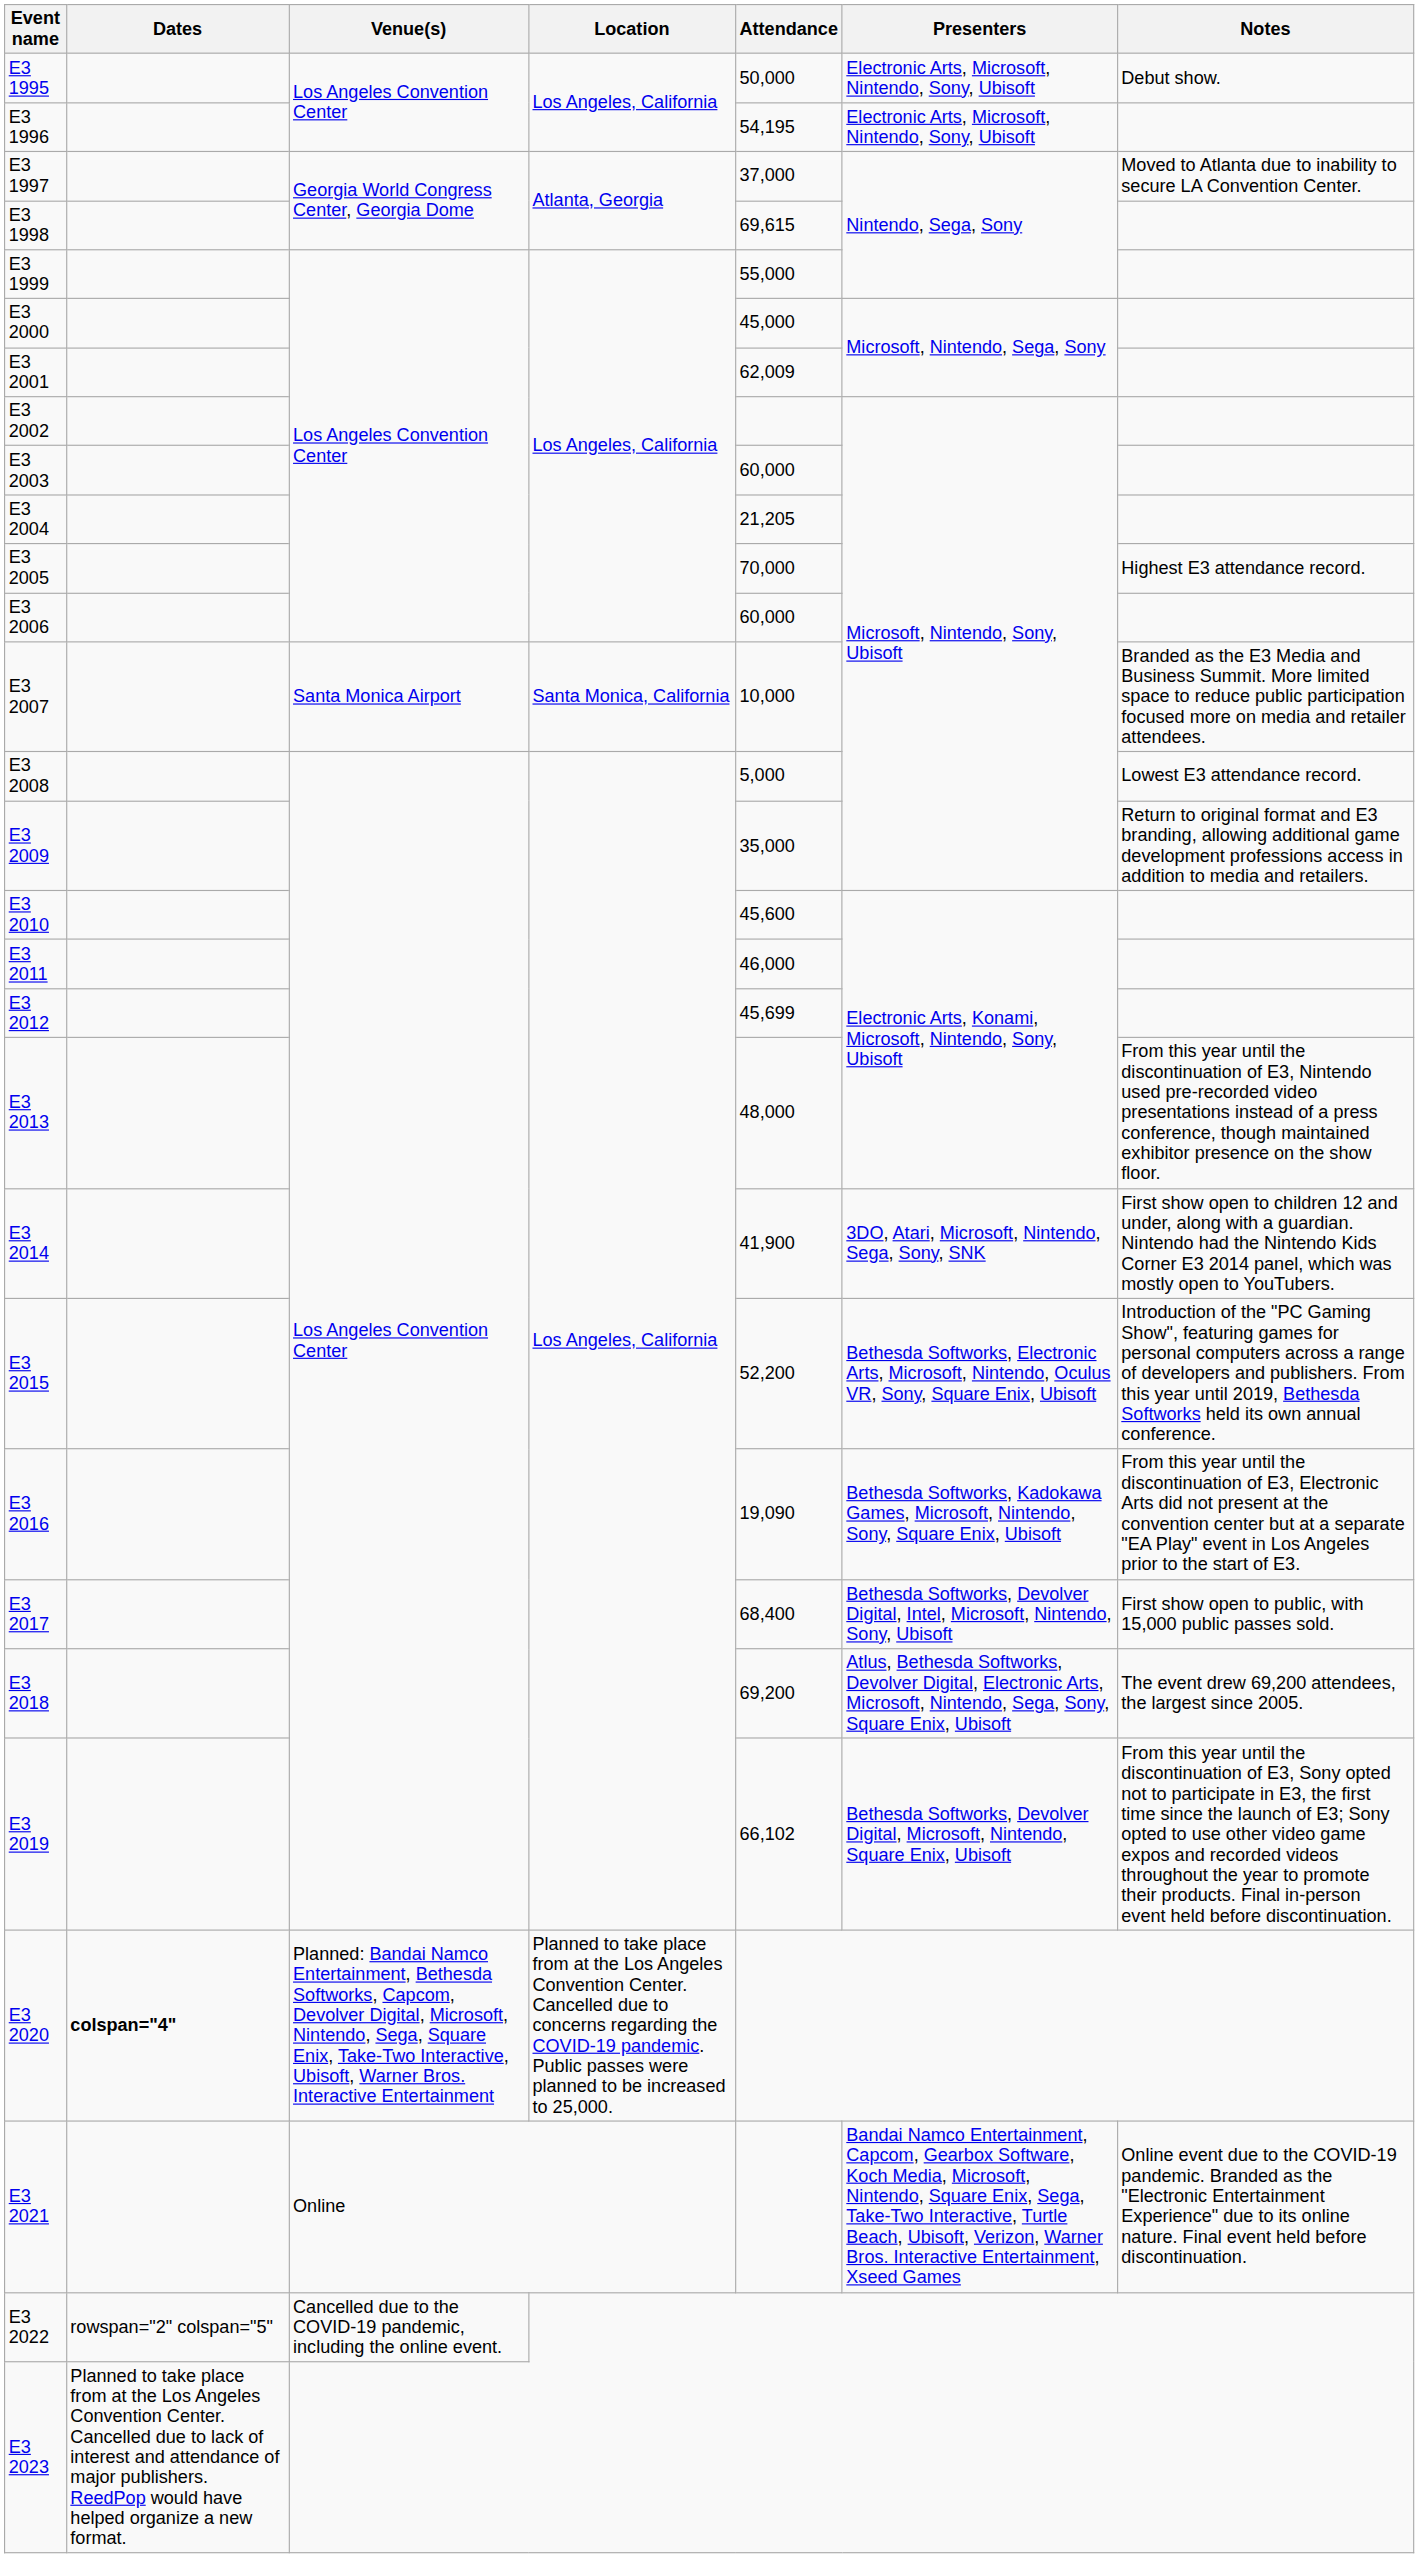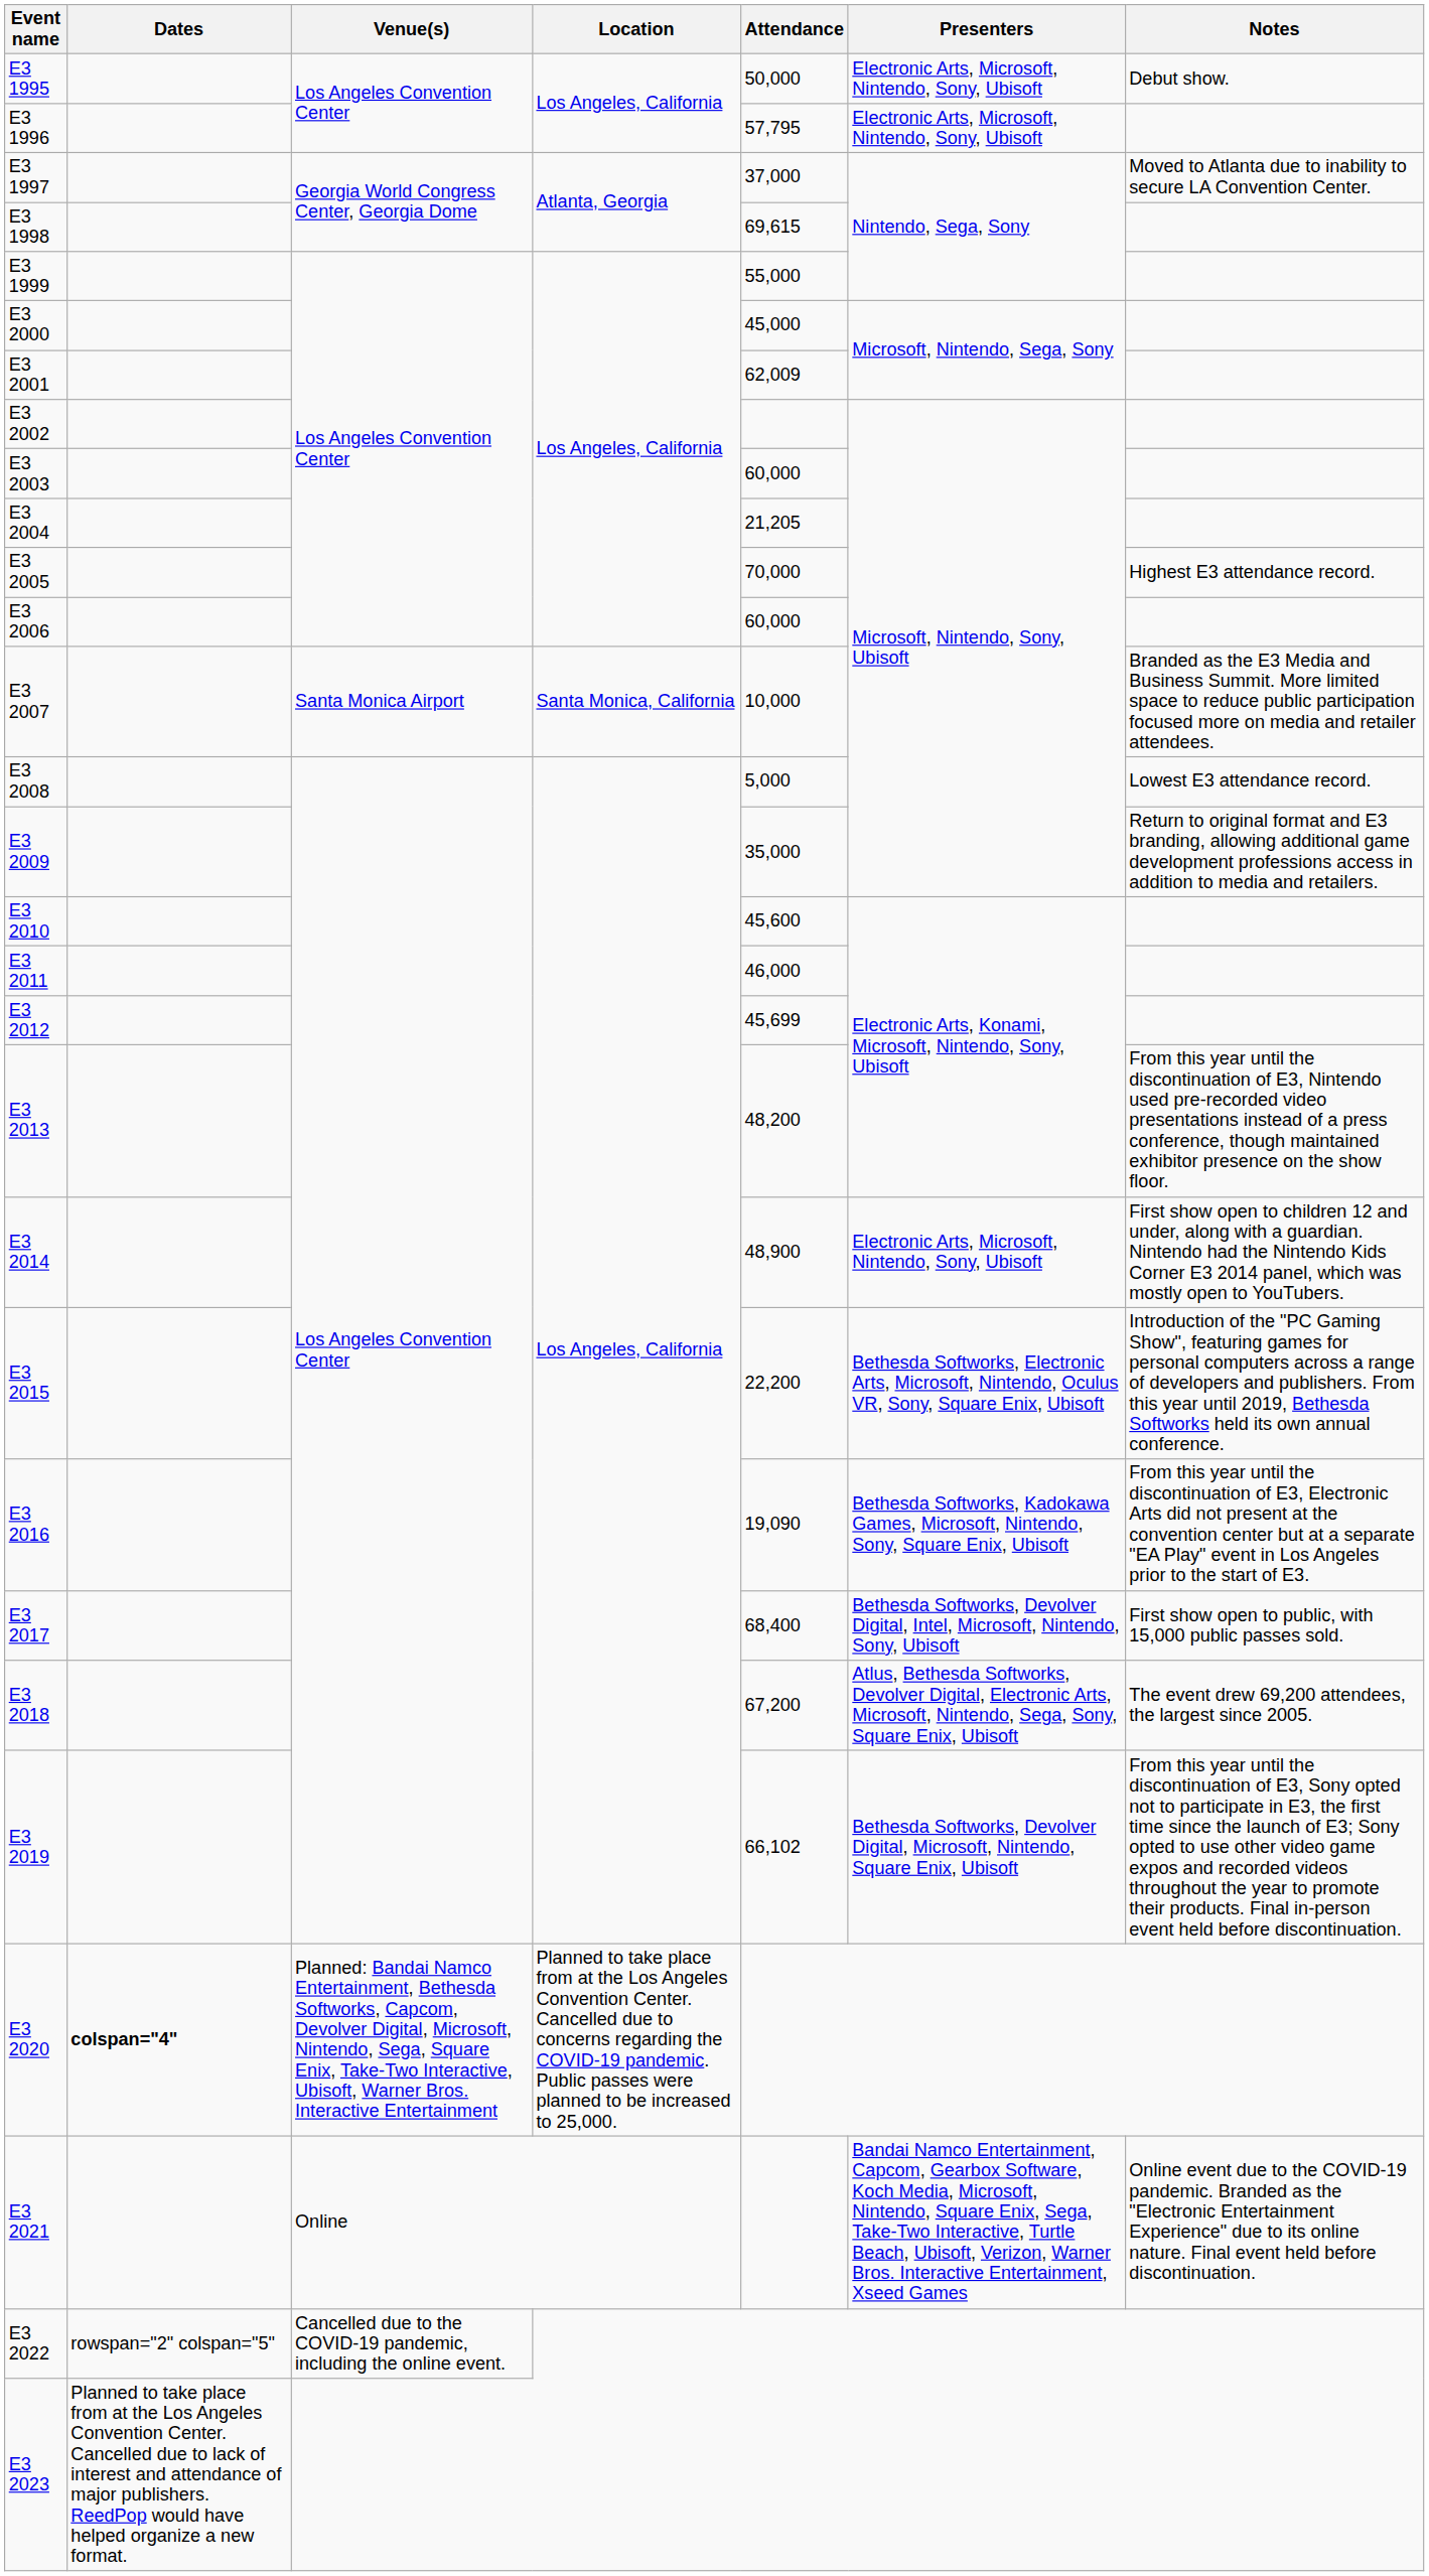 <table class="wikitable sortable plainrowheaders">
 <tr>
 <th scope="col">Event name</th>
 <th scope="col">Dates</th>
 <th scope="col">Venue(s)</th>
 <th scope="col">Location</th>
 <th scope="col">Attendance</th>
 <th scope="col">Presenters</th>
 <th scope="col">Notes</th>
 </tr>
 <tr>
 <td scope="row"><a href='#'>E3 1995</a></td>
 <td></td>
 <td rowspan="2"><a href='#'>Los Angeles Convention Center</a></td>
 <td rowspan="2"><a href='#'>Los Angeles, California</a></td>
 <td>50,000</td>
 <td><a href='#'>Electronic Arts</a>, <a href='#'>Microsoft</a>, <a href='#'>Nintendo</a>, <a href='#'>Sony</a>, <a href='#'>Ubisoft</a></td>
 <td>Debut show.</td>
 </tr>
 <tr>
 <td scope="row">E3 1996</td>
 <td></td>
-<td>54,195</td>
+<td>57,795</td>
 <td><a href='#'>Electronic Arts</a>, <a href='#'>Microsoft</a>, <a href='#'>Nintendo</a>, <a href='#'>Sony</a>, <a href='#'>Ubisoft</a></td>
 <td></td>
 </tr>
 <tr>
 <td scope="row">E3 1997</td>
 <td></td>
 <td rowspan="2"><a href='#'>Georgia World Congress Center</a>, <a href='#'>Georgia Dome</a></td>
 <td rowspan="2"><a href='#'>Atlanta, Georgia</a></td>
 <td>37,000</td>
 <td rowspan="3"><a href='#'>Nintendo</a>, <a href='#'>Sega</a>, <a href='#'>Sony</a></td>
 <td>Moved to Atlanta due to inability to secure LA Convention Center.</td>
 </tr>
 <tr>
 <td scope="row">E3 1998</td>
 <td></td>
 <td>69,615</td>
 <td></td>
 </tr>
 <tr>
 <td scope="row">E3 1999</td>
 <td></td>
 <td rowspan="8"><a href='#'>Los Angeles Convention Center</a></td>
 <td rowspan="8"><a href='#'>Los Angeles, California</a></td>
 <td>55,000</td>
 <td></td>
 </tr>
 <tr>
 <td scope="row">E3 2000</td>
 <td></td>
 <td>45,000</td>
 <td rowspan="2"><a href='#'>Microsoft</a>, <a href='#'>Nintendo</a>, <a href='#'>Sega</a>, <a href='#'>Sony</a></td>
 <td></td>
 </tr>
 <tr>
 <td scope="row">E3 2001</td>
 <td></td>
 <td>62,009</td>
 <td></td>
 </tr>
 <tr>
 <td scope="row">E3 2002</td>
 <td></td>
 <td></td>
 <td rowspan="8"><a href='#'>Microsoft</a>, <a href='#'>Nintendo</a>, <a href='#'>Sony</a>, <a href='#'>Ubisoft</a></td>
 <td></td>
 </tr>
 <tr>
 <td scope="row">E3 2003</td>
 <td></td>
 <td>60,000</td>
 <td></td>
 </tr>
 <tr>
 <td scope="row">E3 2004</td>
 <td></td>
 <td>21,205</td>
 <td></td>
 </tr>
 <tr>
 <td scope="row">E3 2005</td>
 <td></td>
 <td>70,000</td>
 <td>Highest E3 attendance record.</td>
 </tr>
 <tr>
 <td>E3 2006</td>
 <td scope="row"></td>
 <td>60,000</td>
 <td></td>
 </tr>
 <tr>
 <td scope="row">E3 2007</td>
 <td></td>
 <td><a href='#'>Santa Monica Airport</a></td>
 <td><a href='#'>Santa Monica, California</a></td>
 <td>10,000</td>
 <td>Branded as the E3 Media and Business Summit. More limited space to reduce public participation focused more on media and retailer attendees.</td>
 </tr>
 <tr>
 <td scope="row">E3 2008</td>
 <td></td>
 <td rowspan="12"><a href='#'>Los Angeles Convention Center</a></td>
 <td rowspan="12"><a href='#'>Los Angeles, California</a></td>
 <td>5,000</td>
 <td>Lowest E3 attendance record.</td>
 </tr>
 <tr>
 <td scope="row"><a href='#'>E3 2009</a></td>
 <td></td>
 <td>35,000</td>
 <td>Return to original format and E3 branding, allowing additional game development professions access in addition to media and retailers.</td>
 </tr>
 <tr>
 <td scope="row"><a href='#'>E3 2010</a></td>
 <td></td>
 <td>45,600</td>
 <td rowspan="4"><a href='#'>Electronic Arts</a>, <a href='#'>Konami</a>, <a href='#'>Microsoft</a>, <a href='#'>Nintendo</a>, <a href='#'>Sony</a>, <a href='#'>Ubisoft</a></td>
 <td></td>
 </tr>
 <tr>
 <td scope="row"><a href='#'>E3 2011</a></td>
 <td></td>
 <td>46,000</td>
 <td></td>
 </tr>
 <tr>
 <td scope="row"><a href='#'>E3 2012</a></td>
 <td></td>
 <td>45,699</td>
 <td></td>
 </tr>
 <tr>
 <td scope="row"><a href='#'>E3 2013</a></td>
 <td></td>
-<td>48,000</td>
+<td>48,200</td>
 <td>From this year until the discontinuation of E3, Nintendo used pre-recorded video presentations instead of a press conference, though maintained exhibitor presence on the show floor.</td>
 </tr>
 <tr>
 <td scope="row"><a href='#'>E3 2014</a></td>
 <td></td>
-<td>41,900</td>
-<td><a href='#'>3DO</a>, <a href='#'>Atari</a>, <a href='#'>Microsoft</a>, <a href='#'>Nintendo</a>, <a href='#'>Sega</a>, <a href='#'>Sony</a>, <a href='#'>SNK</a></td>
+<td>48,900</td>
+<td><a href='#'>Electronic Arts</a>, <a href='#'>Microsoft</a>, <a href='#'>Nintendo</a>, <a href='#'>Sony</a>, <a href='#'>Ubisoft</a></td>
 <td>First show open to children 12 and under, along with a guardian. Nintendo had the Nintendo Kids Corner E3 2014 panel, which was mostly open to YouTubers.</td>
 </tr>
 <tr>
 <td scope="row"><a href='#'>E3 2015</a></td>
 <td></td>
-<td>52,200</td>
+<td>22,200</td>
 <td><a href='#'>Bethesda Softworks</a>, <a href='#'>Electronic Arts</a>, <a href='#'>Microsoft</a>, <a href='#'>Nintendo</a>, <a href='#'>Oculus VR</a>, <a href='#'>Sony</a>, <a href='#'>Square Enix</a>, <a href='#'>Ubisoft</a></td>
 <td>Introduction of the "PC Gaming Show", featuring games for personal computers across a range of developers and publishers. From this year until 2019, <a href='#'>Bethesda Softworks</a> held its own annual conference.</td>
 </tr>
 <tr>
 <td scope="row"><a href='#'>E3 2016</a></td>
 <td></td>
 <td>19,090</td>
 <td><a href='#'>Bethesda Softworks</a>, <a href='#'>Kadokawa Games</a>, <a href='#'>Microsoft</a>, <a href='#'>Nintendo</a>, <a href='#'>Sony</a>, <a href='#'>Square Enix</a>, <a href='#'>Ubisoft</a></td>
 <td>From this year until the discontinuation of E3, Electronic Arts did not present at the convention center but at a separate "EA Play" event in Los Angeles prior to the start of E3.</td>
 </tr>
 <tr>
 <td scope="row"><a href='#'>E3 2017</a></td>
 <td></td>
 <td>68,400</td>
 <td><a href='#'>Bethesda Softworks</a>, <a href='#'>Devolver Digital</a>, <a href='#'>Intel</a>, <a href='#'>Microsoft</a>, <a href='#'>Nintendo</a>, <a href='#'>Sony</a>, <a href='#'>Ubisoft</a></td>
 <td>First show open to public, with 15,000 public passes sold.</td>
 </tr>
 <tr>
 <td scope="row"><a href='#'>E3 2018</a></td>
 <td></td>
-<td>69,200</td>
+<td>67,200</td>
 <td><a href='#'>Atlus</a>, <a href='#'>Bethesda Softworks</a>, <a href='#'>Devolver Digital</a>, <a href='#'>Electronic Arts</a>, <a href='#'>Microsoft</a>, <a href='#'>Nintendo</a>, <a href='#'>Sega</a>, <a href='#'>Sony</a>, <a href='#'>Square Enix</a>, <a href='#'>Ubisoft</a></td>
 <td>The event drew 69,200 attendees, the largest since 2005.</td>
 </tr>
 <tr>
 <td scope="row"><a href='#'>E3 2019</a></td>
 <td></td>
 <td>66,102</td>
 <td><a href='#'>Bethesda Softworks</a>, <a href='#'>Devolver Digital</a>, <a href='#'>Microsoft</a>, <a href='#'>Nintendo</a>, <a href='#'>Square Enix</a>, <a href='#'>Ubisoft</a></td>
 <td>From this year until the discontinuation of E3, Sony opted not to participate in E3, the first time since the launch of E3; Sony opted to use other video game expos and recorded videos throughout the year to promote their products. Final in-person event held before discontinuation.</td>
 </tr>
 <tr>
 <td scope="row"><a href='#'>E3 2020</a></td>
 <td><strong>colspan="4" </strong></td>
 <td>Planned: <a href='#'>Bandai Namco Entertainment</a>, <a href='#'>Bethesda Softworks</a>, <a href='#'>Capcom</a>, <a href='#'>Devolver Digital</a>, <a href='#'>Microsoft</a>, <a href='#'>Nintendo</a>, <a href='#'>Sega</a>, <a href='#'>Square Enix</a>, <a href='#'>Take-Two Interactive</a>, <a href='#'>Ubisoft</a>, <a href='#'>Warner Bros. Interactive Entertainment</a></td>
 <td>Planned to take place from  at the Los Angeles Convention Center. Cancelled due to concerns regarding the <a href='#'>COVID-19 pandemic</a>. Public passes were planned to be increased to 25,000.</td>
 </tr>
 <tr>
 <td scope="row"><a href='#'>E3 2021</a></td>
 <td></td>
 <td colspan="2">Online</td>
 <td></td>
 <td><a href='#'>Bandai Namco Entertainment</a>, <a href='#'>Capcom</a>, <a href='#'>Gearbox Software</a>, <a href='#'>Koch Media</a>, <a href='#'>Microsoft</a>, <a href='#'>Nintendo</a>, <a href='#'>Square Enix</a>, <a href='#'>Sega</a>, <a href='#'>Take-Two Interactive</a>, <a href='#'>Turtle Beach</a>, <a href='#'>Ubisoft</a>, <a href='#'>Verizon</a>, <a href='#'>Warner Bros. Interactive Entertainment</a>, <a href='#'>Xseed Games</a></td>
 <td>Online event due to the COVID-19 pandemic. Branded as the "Electronic Entertainment Experience" due to its online nature. Final event held before discontinuation.</td>
 </tr>
 <tr>
 <td scope="row">E3 2022</td>
 <td>rowspan="2" colspan="5" </td>
 <td>Cancelled due to the COVID-19 pandemic, including the online event.</td>
 </tr>
 <tr>
 <td scope="row"><a href='#'>E3 2023</a></td>
 <td>Planned to take place from  at the Los Angeles Convention Center. Cancelled due to lack of interest and attendance of major publishers. <a href='#'>ReedPop</a> would have helped organize a new format.</td>
 </tr>
 </table>
